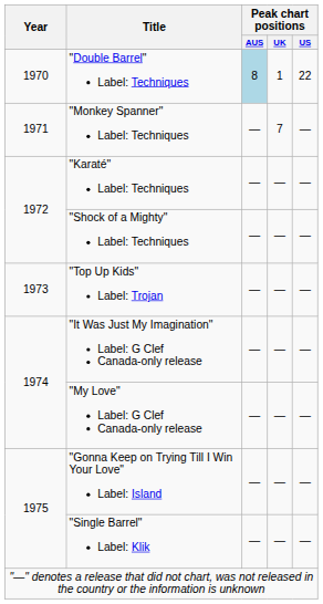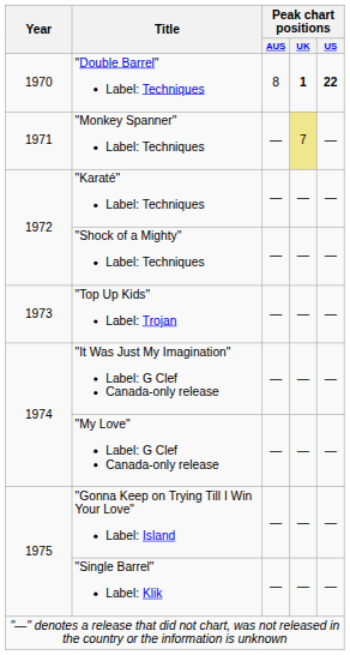 <table class="wikitable" style="text-align:center;">
 <tr>
 <th rowspan="2" style="width: 5em">Year</th>
 <th rowspan="2" style="width: 15em">Title</th>
 <th colspan="3">Peak chart positions</th>
 </tr>
 <tr>
 <th style="width:2.5em;font-size:75%;"><a href='#'>AUS</a><br></th>
 <th style="width:2.5em;font-size:75%;"><a href='#'>UK</a><br></th>
 <th style="width:2.5em;font-size:75%;"><a href='#'>US</a><br></th>
 </tr>
 <tr>
 <td>1970</td>
 <td style="text-align: left">"<a href='#'>Double Barrel</a>"<br><ul><li>Label: <a href='#'>Techniques</a></li></ul></td>
-<td style="background: lightblue;">8</td>
-<td>1</td>
-<td>22</td>
+<td>8</td>
+<td><strong>1</strong></td>
+<td><strong>22</strong></td>
 </tr>
 <tr>
 <td>1971</td>
 <td style="text-align: left">"Monkey Spanner"<br><ul><li>Label: Techniques</li></ul></td>
 <td>—</td>
-<td>7</td>
+<td style="background: khaki;">7</td>
 <td>—</td>
 </tr>
 <tr>
 <td rowspan="2">1972</td>
 <td style="text-align: left">"Karaté"<br><ul><li>Label: Techniques</li></ul></td>
 <td>—</td>
 <td>—</td>
 <td>—</td>
 </tr>
 <tr>
 <td style="text-align: left">"Shock of a Mighty"<br><ul><li>Label: Techniques</li></ul></td>
 <td>—</td>
 <td>—</td>
 <td>—</td>
 </tr>
 <tr>
 <td>1973</td>
 <td style="text-align: left">"Top Up Kids"<br><ul><li>Label: <a href='#'>Trojan</a></li></ul></td>
 <td>—</td>
 <td>—</td>
 <td>—</td>
 </tr>
 <tr>
 <td rowspan="2">1974</td>
 <td style="text-align: left">"It Was Just My Imagination"<br><ul><li>Label: G Clef</li><li>Canada-only release</li></ul></td>
 <td>—</td>
 <td>—</td>
 <td>—</td>
 </tr>
 <tr>
 <td style="text-align: left">"My Love"<br><ul><li>Label: G Clef</li><li>Canada-only release</li></ul></td>
 <td>—</td>
 <td>—</td>
 <td>—</td>
 </tr>
 <tr>
 <td rowspan="2">1975</td>
 <td style="text-align: left">"Gonna Keep on Trying Till I Win Your Love"<br><ul><li>Label: <a href='#'>Island</a></li></ul></td>
 <td>—</td>
 <td>—</td>
 <td>—</td>
 </tr>
 <tr>
 <td style="text-align: left">"Single Barrel"<br><ul><li>Label: <a href='#'>Klik</a></li></ul></td>
 <td>—</td>
 <td>—</td>
 <td>—</td>
 </tr>
 <tr>
 <td colspan="5"><em>"—" denotes a release that did not chart, was not released in the country or the information is unknown</em></td>
 </tr>
 </table>
